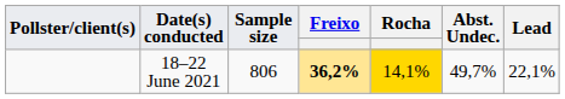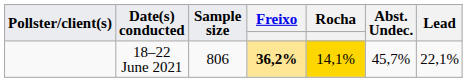 <table class="wikitable sortable" style="text-align:center;font-size:90%;line-height:14px;">
 <tr>
 <td rowspan="2" class="unsortable" style="width:50px;background:#eaecf0;"><strong>Pollster/client(s)</strong></td>
 <td rowspan="2" class="unsortable" style="width:50px;background:#eaecf0;"><strong>Date(s)<br>conducted</strong></td>
 <td rowspan="2" class="unsortable" style="width:50px;background:#eaecf0;"><strong>Sample<br>size</strong></td>
 <th class="unsortable" style="width:50px;"><a href='#'>Freixo</a><br></th>
 <th class="unsortable" style="width:50px;"><strong>Rocha</strong><br></th>
 <th rowspan="2" class="unsortable">Abst.<br>Undec.</th>
 <th rowspan="2" data-sort-type="number">Lead</th>
 </tr>
 <tr>
 <th class="sortable" data-sort-type="number" style="background:"></th>
 <th class="sortable" data-sort-type="number" style="background:"></th>
 </tr>
 <tr>
 <td></td>
 <td>18–22 June 2021</td>
 <td>806</td>
 <td style="background:#ffe694; "><strong>36,2%</strong></td>
 <td style="background: gold;">14,1%</td>
-<td>49,7%</td>
+<td>45,7%</td>
 <td style="background:">22,1%</td>
 </tr>
 </table>
